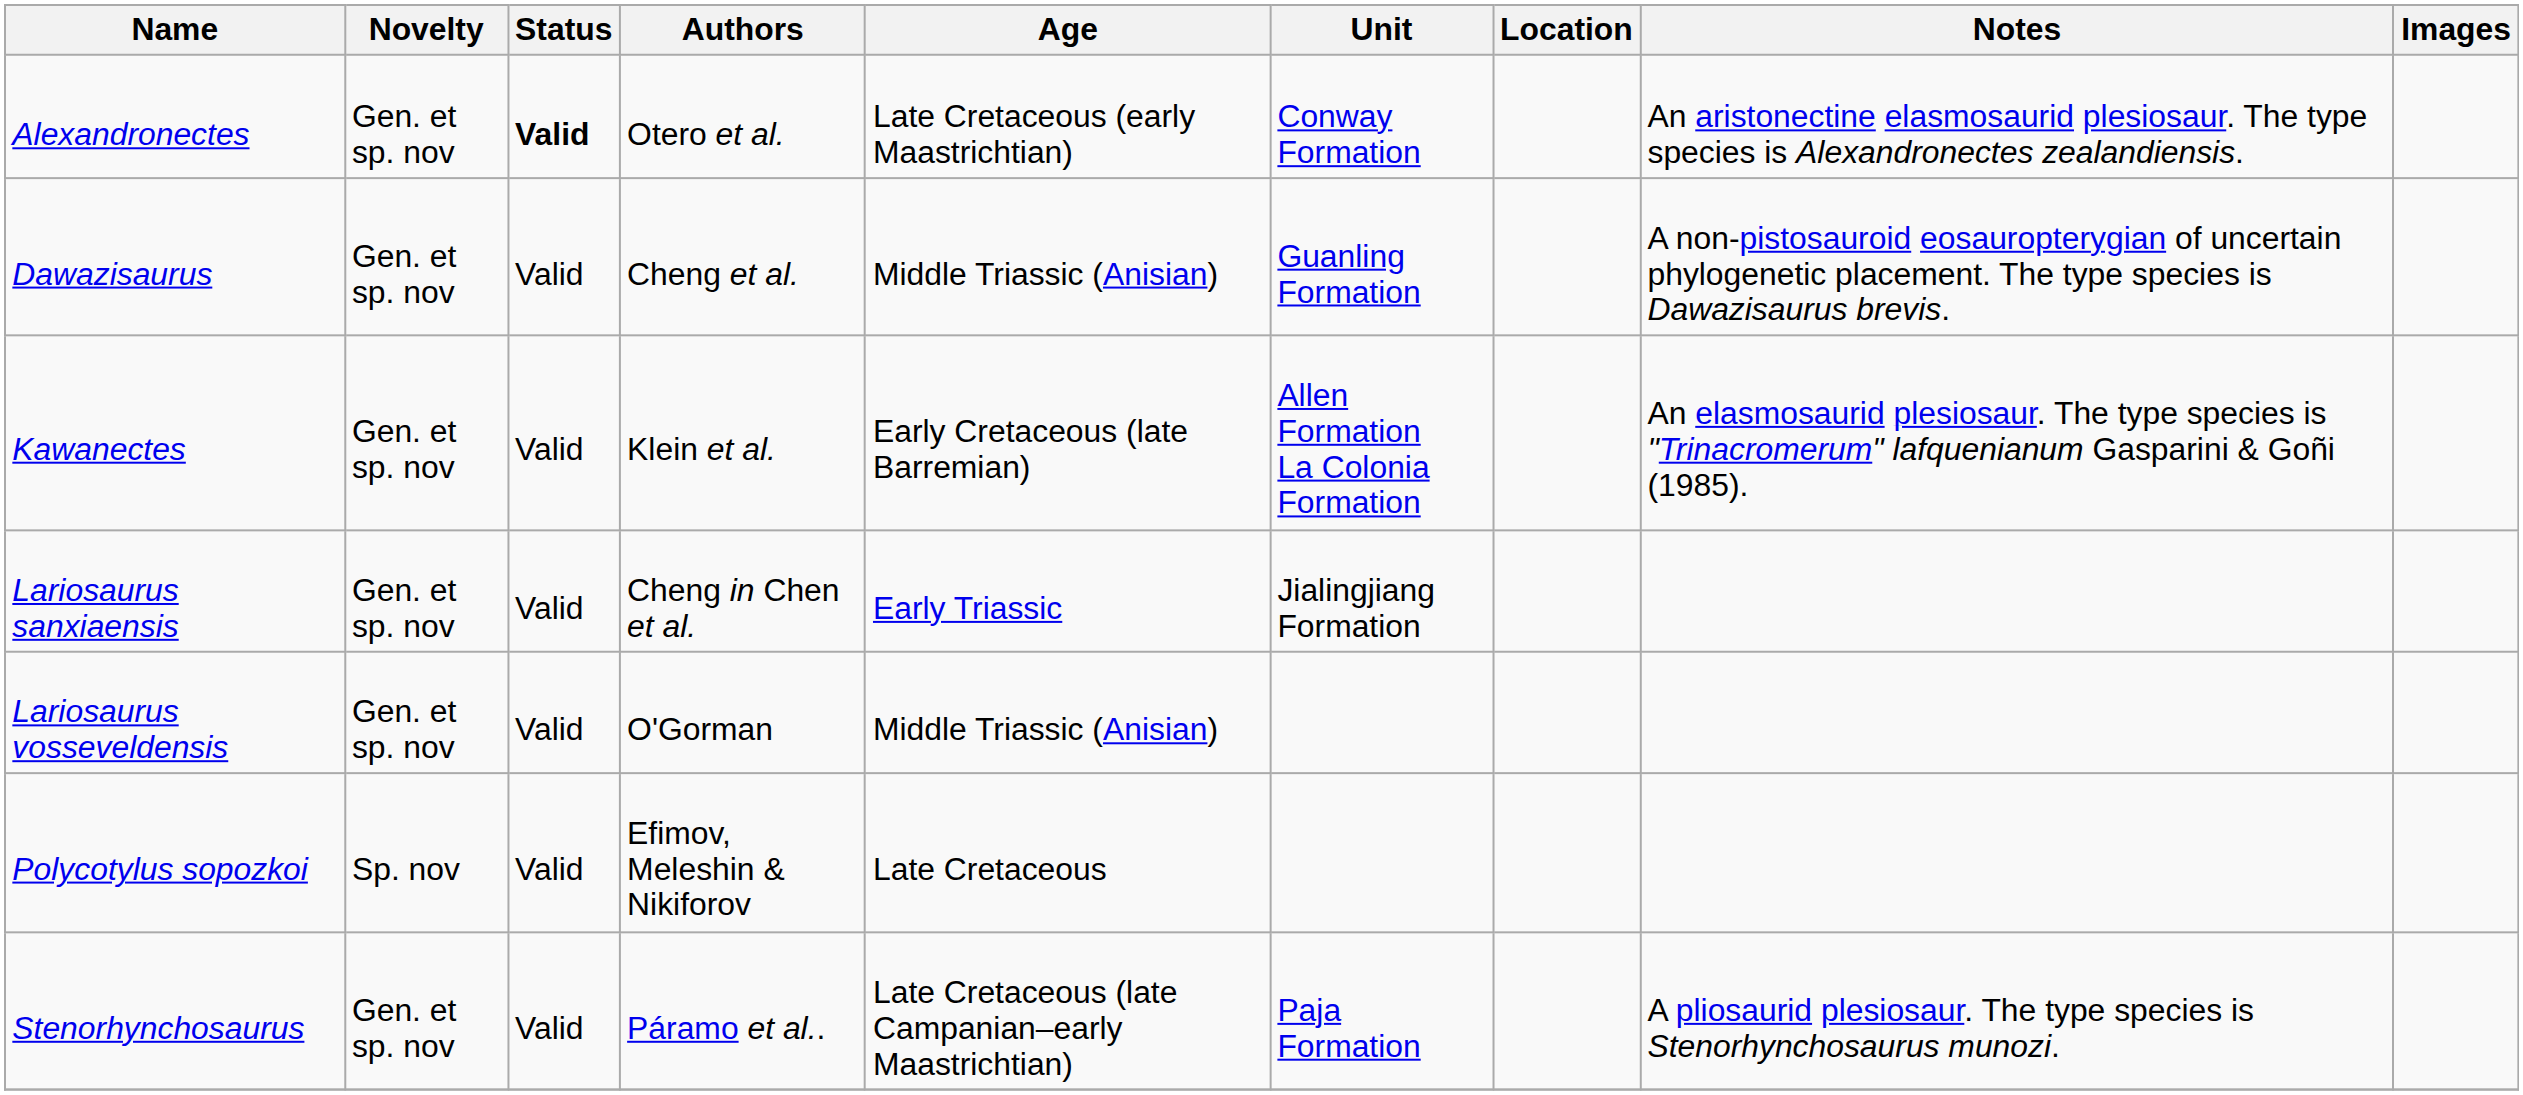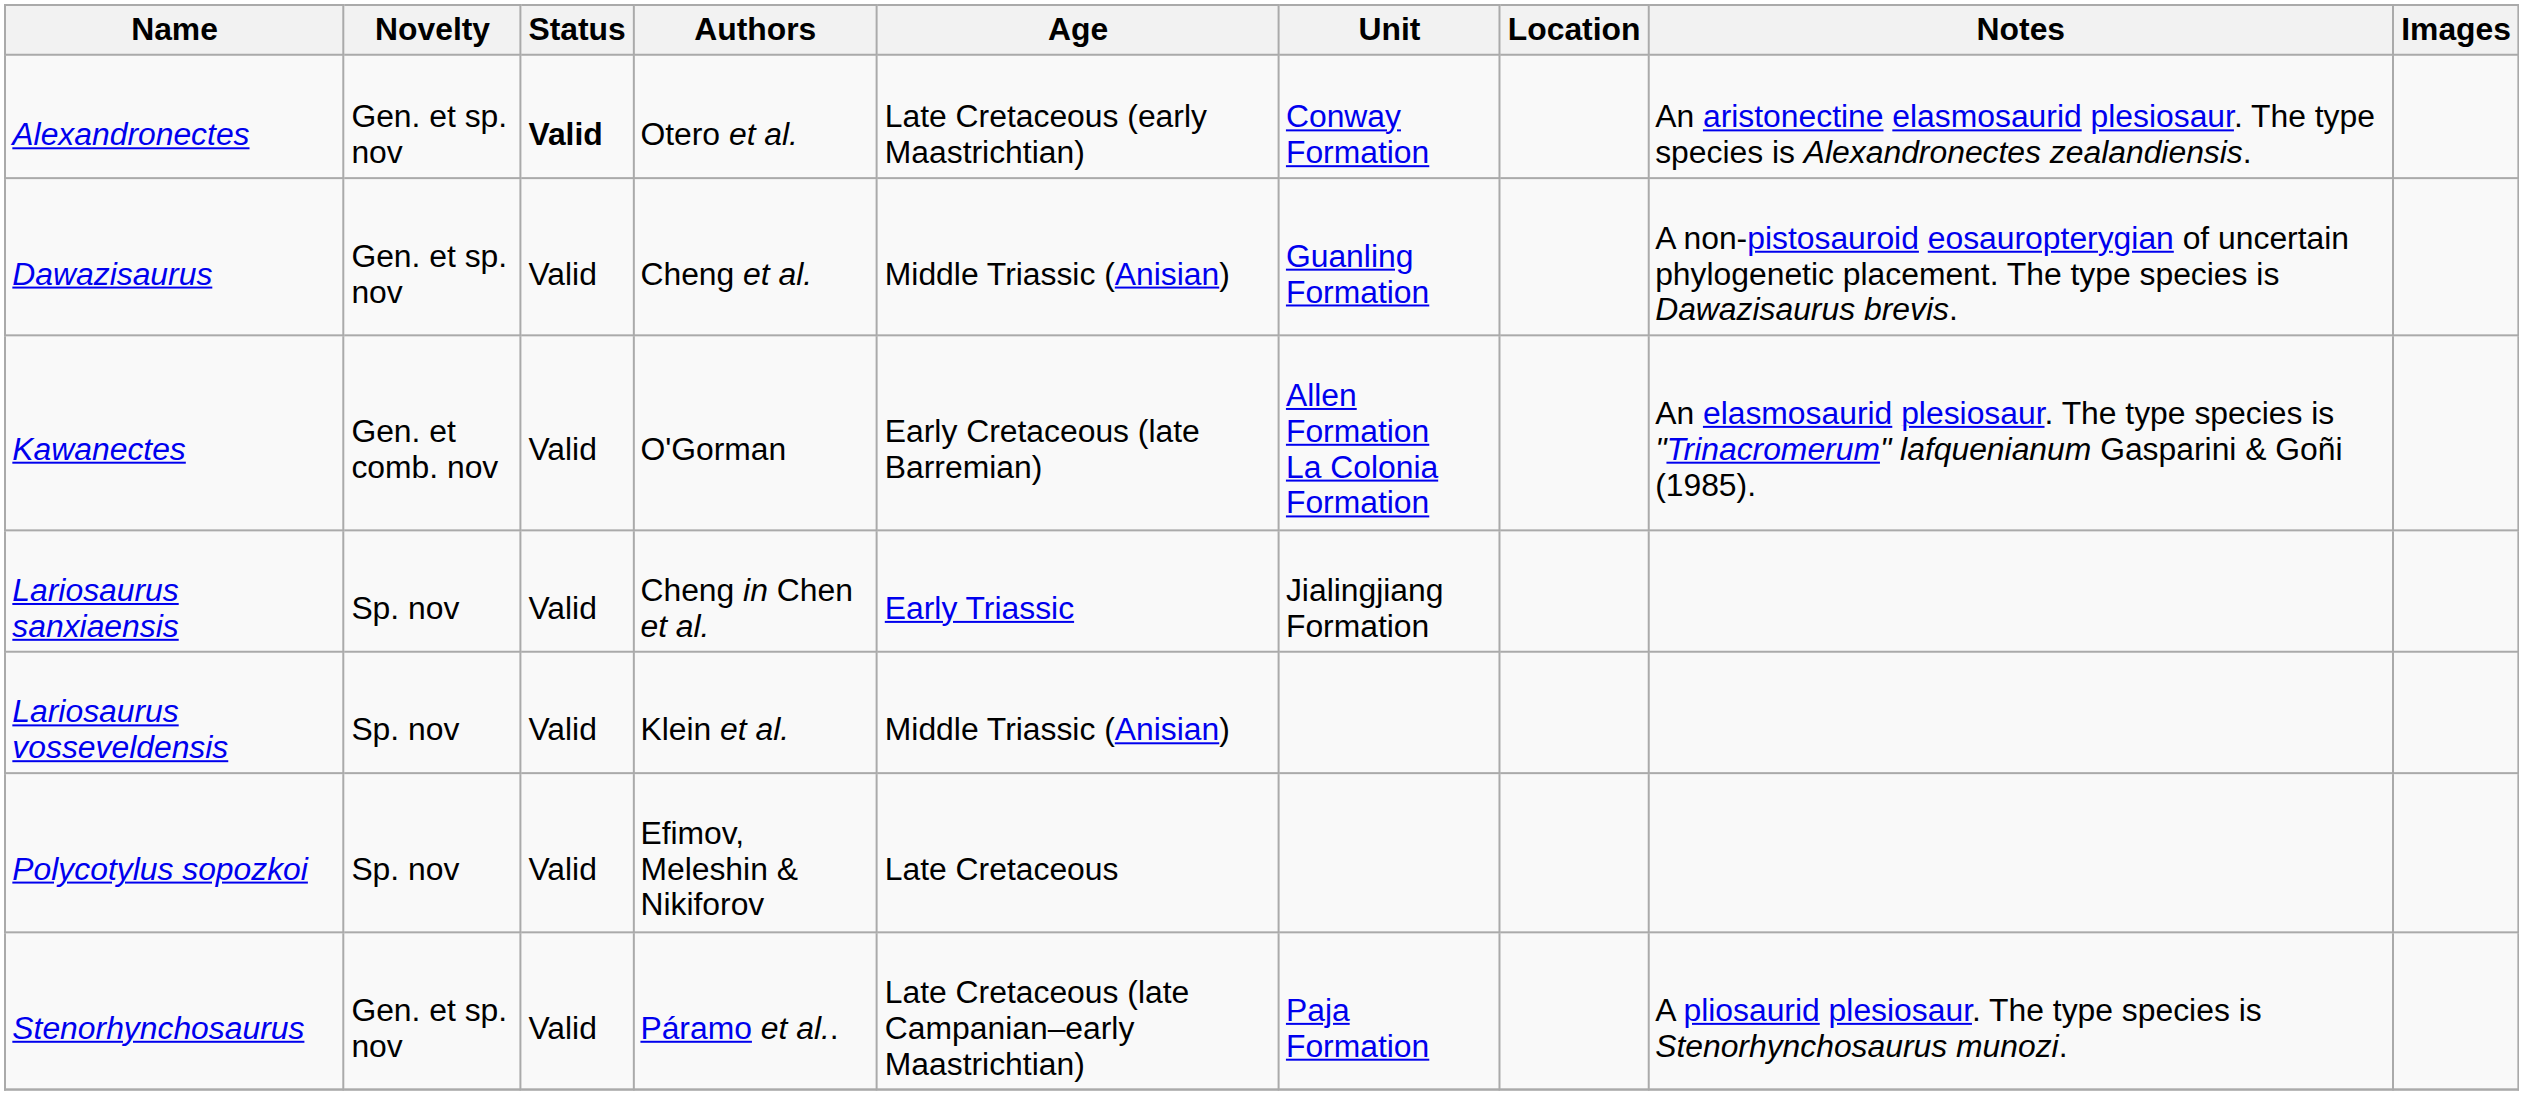 <table class="wikitable sortable" align="center" width="100%">
 <tr>
 <th>Name</th>
 <th>Novelty</th>
 <th>Status</th>
 <th>Authors</th>
 <th>Age</th>
 <th>Unit</th>
 <th>Location</th>
 <th>Notes</th>
 <th>Images</th>
 </tr>
 <tr>
 <td><br><em><a href='#'>Alexandronectes</a></em></td>
 <td><br>Gen. et sp. nov</td>
 <td><strong><br>Valid</strong></td>
 <td><br>Otero <em>et al.</em></td>
 <td><br>Late Cretaceous (early Maastrichtian)</td>
 <td><br><a href='#'>Conway Formation</a></td>
 <td><br></td>
 <td><br>An <a href='#'>aristonectine</a> <a href='#'>elasmosaurid</a> <a href='#'>plesiosaur</a>. The type species is <em>Alexandronectes zealandiensis</em>.</td>
 <td></td>
 </tr>
 <tr>
 <td><br><em><a href='#'>Dawazisaurus</a></em></td>
 <td><br>Gen. et sp. nov</td>
 <td><br>Valid</td>
 <td><br>Cheng <em>et al.</em></td>
 <td><br>Middle Triassic (<a href='#'>Anisian</a>)</td>
 <td><br><a href='#'>Guanling Formation</a></td>
 <td><br></td>
 <td><br>A non-<a href='#'>pistosauroid</a> <a href='#'>eosauropterygian</a> of uncertain phylogenetic placement. The type species is <em>Dawazisaurus brevis</em>.</td>
 <td></td>
 </tr>
 <tr>
 <td><br><em><a href='#'>Kawanectes</a></em></td>
-<td><br>Gen. et sp. nov</td>
+<td><br>Gen. et comb. nov</td>
 <td><br>Valid</td>
-<td><br>Klein <em>et al.</em></td>
+<td><br>O'Gorman</td>
 <td><br>Early Cretaceous (late Barremian)</td>
 <td><br><a href='#'>Allen Formation</a><br> <a href='#'>La Colonia Formation</a></td>
 <td><br></td>
 <td><br>An <a href='#'>elasmosaurid</a> <a href='#'>plesiosaur</a>. The type species is <em>"<a href='#'>Trinacromerum</a>" lafquenianum</em> Gasparini & Goñi (1985).</td>
 <td></td>
 </tr>
 <tr>
 <td><br><em><a href='#'>Lariosaurus sanxiaensis</a></em></td>
-<td><br>Gen. et sp. nov</td>
+<td><br>Sp. nov</td>
 <td><br>Valid</td>
 <td><br>Cheng <em>in</em> Chen <em>et al.</em></td>
 <td><br><a href='#'>Early Triassic</a></td>
 <td><br>Jialingjiang Formation</td>
 <td><br></td>
 <td></td>
 <td></td>
 </tr>
 <tr>
 <td><br><em><a href='#'>Lariosaurus vosseveldensis</a></em></td>
-<td><br>Gen. et sp. nov</td>
+<td><br>Sp. nov</td>
 <td><br>Valid</td>
-<td><br>O'Gorman</td>
+<td><br>Klein <em>et al.</em></td>
 <td><br>Middle Triassic (<a href='#'>Anisian</a>)</td>
 <td></td>
 <td><br></td>
 <td></td>
 <td></td>
 </tr>
 <tr>
 <td><br><em><a href='#'>Polycotylus sopozkoi</a></em></td>
 <td><br>Sp. nov</td>
 <td><br>Valid</td>
 <td><br>Efimov, Meleshin & Nikiforov</td>
 <td><br>Late Cretaceous</td>
 <td></td>
 <td><br></td>
 <td></td>
 <td></td>
 </tr>
 <tr>
 <td><br><em><a href='#'>Stenorhynchosaurus</a></em></td>
 <td><br>Gen. et sp. nov</td>
 <td><br>Valid</td>
 <td><br><a href='#'>Páramo</a> <em>et al.</em>.</td>
 <td><br>Late Cretaceous (late Campanian–early Maastrichtian)</td>
 <td><br><a href='#'>Paja Formation</a></td>
 <td><br></td>
 <td><br>A <a href='#'>pliosaurid</a> <a href='#'>plesiosaur</a>. The type species is <em>Stenorhynchosaurus munozi</em>.</td>
 <td></td>
 </tr>
 <tr>
 </tr>
 </table>
